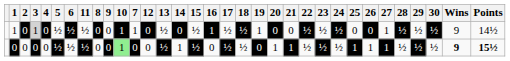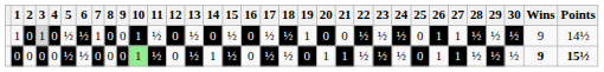 <table class="wikitable" style="text-align:center">
 <tr>
 <th></th>
 <th>1</th>
 <th>2</th>
 <th>3</th>
 <th>4</th>
 <th>5</th>
 <th>6</th>
-<th>11</th>
+<th>7</th>
 <th>8</th>
 <th>9</th>
 <th>10</th>
-<th>7</th>
+<th>11</th>
 <th>12</th>
 <th>13</th>
 <th>14</th>
 <th>15</th>
 <th>16</th>
 <th>17</th>
 <th>18</th>
 <th>19</th>
 <th>20</th>
 <th>21</th>
 <th>22</th>
 <th>23</th>
 <th>24</th>
 <th>25</th>
 <th>26</th>
 <th>27</th>
 <th>28</th>
 <th>29</th>
 <th>30</th>
 <th>Wins</th>
 <th>Points</th>
 </tr>
 <tr>
 <td align=left></td>
 <td>1</td>
 <td style="background:black; color:white">0</td>
 <td style="background: lightgrey;">1</td>
 <td style="background:black; color:white">0</td>
 <td>½</td>
 <td style="background:black; color:white">½</td>
-<td>½</td>
+<td>1</td>
 <td style="background:black; color:white">0</td>
 <td>0</td>
 <td style="background:black; color:white">1</td>
-<td>1</td>
+<td>½</td>
 <td style="background:black; color:white">0</td>
 <td>½</td>
 <td style="background:black; color:white">0</td>
 <td>½</td>
-<td style="background:black; color:white">1</td>
+<td style="background:black; color:white">0</td>
 <td>½</td>
 <td style="background:black; color:white">½</td>
 <td>1</td>
 <td style="background:black; color:white">0</td>
 <td>0</td>
 <td style="background:black; color:white">½</td>
 <td>½</td>
 <td style="background:black; color:white">½</td>
 <td>0</td>
-<td style="background:black; color:white">0</td>
+<td style="background:black; color:white">1</td>
 <td>1</td>
 <td style="background:black; color:white">½</td>
 <td>½</td>
 <td style="background:black; color:white">½</td>
 <td>9</td>
 <td>14½</td>
 </tr>
 <tr>
 <td align=left></td>
 <td style="background:black; color:white">0</td>
 <td>0</td>
 <td style="background:black; color:white">0</td>
 <td>0</td>
 <td style="background:black; color:white">½</td>
 <td>½</td>
-<td style="background:black; color:white">½</td>
+<td style="background:black; color:white">0</td>
 <td>0</td>
 <td style="background:black; color:white">0</td>
 <td style="background: lightgreen;">1</td>
-<td style="background:black; color:white">0</td>
+<td style="background:black; color:white">½</td>
 <td>0</td>
 <td style="background:black; color:white">½</td>
 <td>1</td>
 <td style="background:black; color:white">½</td>
 <td>0</td>
 <td style="background:black; color:white">½</td>
 <td>½</td>
 <td style="background:black; color:white">0</td>
 <td>1</td>
 <td style="background:black; color:white">1</td>
 <td>½</td>
 <td style="background:black; color:white">½</td>
 <td>½</td>
-<td style="background:black; color:white">1</td>
+<td style="background:black; color:white">0</td>
 <td>1</td>
 <td style="background:black; color:white">1</td>
 <td>½</td>
 <td style="background:black; color:white">½</td>
 <td>½</td>
 <td><strong>9</strong></td>
 <td><strong>15½ </strong></td>
 </tr>
 </table>
